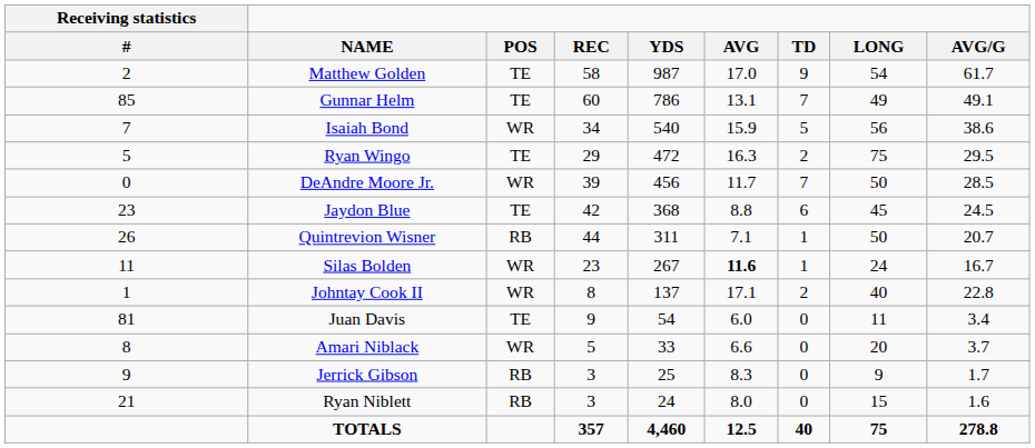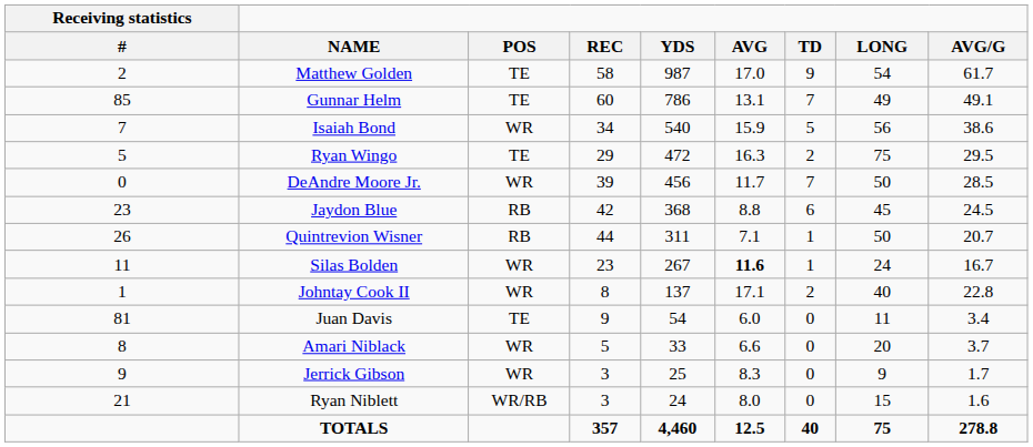 <table style="width:60%; text-align:center;" class="wikitable collapsible collapsed">
 <tr>
 <th style="text-align:center; ">Receiving statistics</th>
 </tr>
 <tr>
 <th>#</th>
 <th>NAME</th>
 <th>POS</th>
 <th>REC</th>
 <th>YDS</th>
 <th>AVG</th>
 <th>TD</th>
 <th>LONG</th>
 <th>AVG/G</th>
 </tr>
 <tr style="text-align:center">
 <td>2</td>
 <td><a href='#'>Matthew Golden</a></td>
 <td>TE</td>
 <td>58</td>
 <td>987</td>
 <td>17.0</td>
 <td>9</td>
 <td>54</td>
 <td>61.7</td>
 </tr>
 <tr style="text-align:center">
 <td>85</td>
 <td><a href='#'>Gunnar Helm</a></td>
 <td>TE</td>
 <td>60</td>
 <td>786</td>
 <td>13.1</td>
 <td>7</td>
 <td>49</td>
 <td>49.1</td>
 </tr>
 <tr style="text-align:center">
 <td>7</td>
 <td><a href='#'>Isaiah Bond</a></td>
 <td>WR</td>
 <td>34</td>
 <td>540</td>
 <td>15.9</td>
 <td>5</td>
 <td>56</td>
 <td>38.6</td>
 </tr>
 <tr style="text-align:center">
 <td>5</td>
 <td><a href='#'>Ryan Wingo</a></td>
 <td>TE</td>
 <td>29</td>
 <td>472</td>
 <td>16.3</td>
 <td>2</td>
 <td>75</td>
 <td>29.5</td>
 </tr>
 <tr style="text-align:center">
 <td>0</td>
 <td><a href='#'>DeAndre Moore Jr.</a></td>
 <td>WR</td>
 <td>39</td>
 <td>456</td>
 <td>11.7</td>
 <td>7</td>
 <td>50</td>
 <td>28.5</td>
 </tr>
 <tr style="text-align:center">
 <td>23</td>
 <td><a href='#'>Jaydon Blue</a></td>
-<td>TE</td>
+<td>RB</td>
 <td>42</td>
 <td>368</td>
 <td>8.8</td>
 <td>6</td>
 <td>45</td>
 <td>24.5</td>
 </tr>
 <tr style="text-align:center">
 <td>26</td>
 <td><a href='#'>Quintrevion Wisner</a></td>
 <td>RB</td>
 <td>44</td>
 <td>311</td>
 <td>7.1</td>
 <td>1</td>
 <td>50</td>
 <td>20.7</td>
 </tr>
 <tr style="text-align:center">
 <td>11</td>
 <td><a href='#'>Silas Bolden</a></td>
 <td>WR</td>
 <td>23</td>
 <td>267</td>
 <td><strong>11.6</strong></td>
 <td>1</td>
 <td>24</td>
 <td>16.7</td>
 </tr>
 <tr style="text-align:center">
 <td>1</td>
 <td><a href='#'>Johntay Cook II</a></td>
 <td>WR</td>
 <td>8</td>
 <td>137</td>
 <td>17.1</td>
 <td>2</td>
 <td>40</td>
 <td>22.8</td>
 </tr>
 <tr style="text-align:center">
 <td>81</td>
 <td>Juan Davis</td>
 <td>TE</td>
 <td>9</td>
 <td>54</td>
 <td>6.0</td>
 <td>0</td>
 <td>11</td>
 <td>3.4</td>
 </tr>
 <tr style="text-align:center">
 <td>8</td>
 <td><a href='#'>Amari Niblack</a></td>
 <td>WR</td>
 <td>5</td>
 <td>33</td>
 <td>6.6</td>
 <td>0</td>
 <td>20</td>
 <td>3.7</td>
 </tr>
 <tr style="text-align:center">
 <td>9</td>
 <td><a href='#'>Jerrick Gibson</a></td>
-<td>RB</td>
+<td>WR</td>
 <td>3</td>
 <td>25</td>
 <td>8.3</td>
 <td>0</td>
 <td>9</td>
 <td>1.7</td>
 </tr>
 <tr style="text-align:center">
 <td>21</td>
 <td>Ryan Niblett</td>
-<td>RB</td>
+<td>WR/RB</td>
 <td>3</td>
 <td>24</td>
 <td>8.0</td>
 <td>0</td>
 <td>15</td>
 <td>1.6</td>
 </tr>
 <tr style="text-align:center">
 <td></td>
 <td><strong>TOTALS</strong></td>
 <td></td>
 <td><strong>357</strong></td>
 <td><strong>4,460</strong></td>
 <td><strong>12.5</strong></td>
 <td><strong>40</strong></td>
 <td><strong>75</strong></td>
 <td><strong>278.8</strong></td>
 </tr>
 </table>
